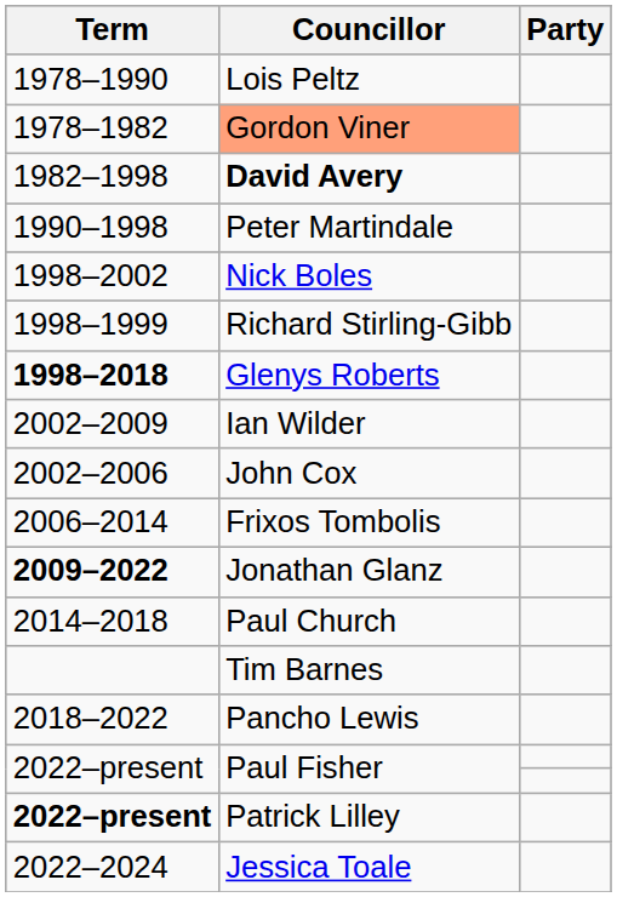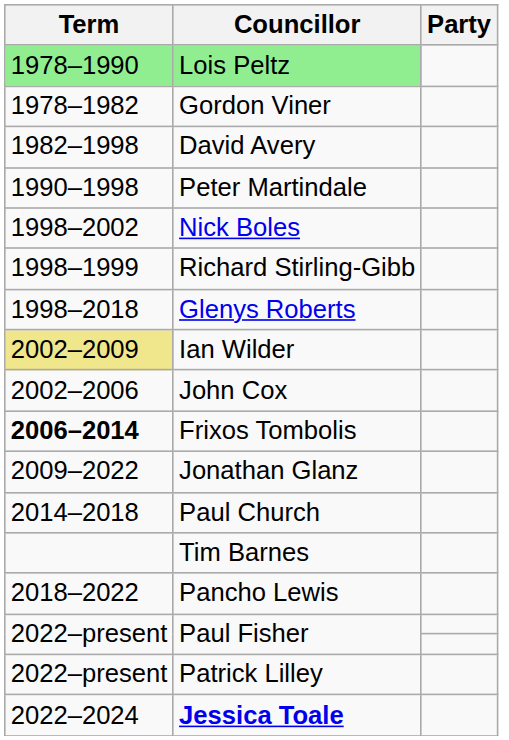 <table class="wikitable">
 <tr>
 <th>Term</th>
 <th>Councillor</th>
 <th colspan=2>Party</th>
 </tr>
 <tr>
-<td>1978–1990</td>
-<td>Lois Peltz</td>
+<td style="background: lightgreen;">1978–1990</td>
+<td style="background: lightgreen;">Lois Peltz</td>
 <td></td>
 </tr>
 <tr>
 <td>1978–1982</td>
-<td style="background: lightsalmon;">Gordon Viner</td>
+<td>Gordon Viner</td>
 <td></td>
 </tr>
 <tr>
 <td>1982–1998</td>
-<td><strong>David Avery</strong></td>
+<td>David Avery</td>
 <td></td>
 </tr>
 <tr>
 <td>1990–1998</td>
 <td>Peter Martindale</td>
 <td></td>
 </tr>
 <tr>
 <td>1998–2002</td>
 <td><a href='#'>Nick Boles</a></td>
 <td></td>
 </tr>
 <tr>
 <td>1998–1999</td>
 <td>Richard Stirling-Gibb</td>
 <td></td>
 </tr>
 <tr>
-<td><strong>1998–2018</strong></td>
+<td>1998–2018</td>
 <td><a href='#'>Glenys Roberts</a></td>
 <td></td>
 </tr>
 <tr>
-<td>2002–2009</td>
+<td style="background: khaki;">2002–2009</td>
 <td>Ian Wilder</td>
 <td></td>
 </tr>
 <tr>
 <td>2002–2006</td>
 <td>John Cox</td>
 <td></td>
 </tr>
 <tr>
-<td>2006–2014</td>
+<td><strong>2006–2014</strong></td>
 <td>Frixos Tombolis</td>
 <td></td>
 </tr>
 <tr>
-<td><strong>2009–2022</strong></td>
+<td>2009–2022</td>
 <td>Jonathan Glanz</td>
 <td></td>
 </tr>
 <tr>
 <td>2014–2018</td>
 <td>Paul Church</td>
 <td></td>
 </tr>
 <tr>
 <td></td>
 <td>Tim Barnes</td>
 <td></td>
 </tr>
 <tr>
 <td>2018–2022</td>
 <td>Pancho Lewis</td>
 <td></td>
 </tr>
 <tr>
 <td rowspan=2>2022–present</td>
 <td rowspan=2>Paul Fisher</td>
 <td></td>
 </tr>
 <tr>
 <td></td>
 </tr>
 <tr>
-<td><strong>2022–present</strong></td>
+<td>2022–present</td>
 <td>Patrick Lilley</td>
 <td></td>
 </tr>
 <tr>
 <td>2022–2024</td>
-<td><a href='#'>Jessica Toale</a></td>
+<td><strong><a href='#'>Jessica Toale</a></strong></td>
 <td></td>
 </tr>
 </table>
